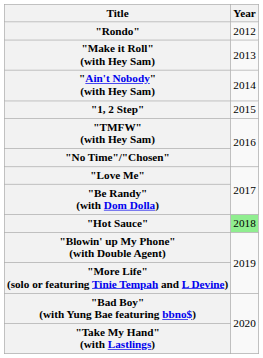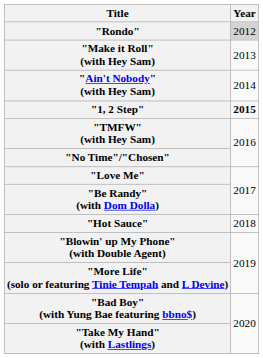 <table class="wikitable plainrowheaders" style="text-align:center;">
 <tr>
 <th>Title</th>
 <th>Year</th>
 </tr>
 <tr>
 <th scope="row">"Rondo"</th>
-<td>2012</td>
+<td style="background: lightgrey;">2012</td>
 </tr>
 <tr>
 <th scope="row">"Make it Roll"<br> (with Hey Sam)</th>
 <td>2013</td>
 </tr>
 <tr>
 <th scope="row">"<a href='#'>Ain't Nobody</a>"<br> (with Hey Sam)</th>
 <td>2014</td>
 </tr>
 <tr>
 <th scope="row">"1, 2 Step"</th>
-<td>2015</td>
+<td><strong>2015</strong></td>
 </tr>
 <tr>
 <th scope="row">"TMFW" <br> (with Hey Sam)</th>
 <td rowspan="2">2016</td>
 </tr>
 <tr>
 <th scope="row">"No Time"/"Chosen"</th>
 </tr>
 <tr>
 <th scope="row">"Love Me"</th>
 <td rowspan="2">2017</td>
 </tr>
 <tr>
 <th scope="row">"Be Randy" <br> (with <a href='#'>Dom Dolla</a>)</th>
 </tr>
 <tr>
 <th scope="row">"Hot Sauce"</th>
-<td style="background: lightgreen;">2018</td>
+<td>2018</td>
 </tr>
 <tr>
 <th scope="row">"Blowin' up My Phone" <br> (with Double Agent)</th>
 <td rowspan="2">2019</td>
 </tr>
 <tr>
 <th scope="row">"More Life" <br>(solo or featuring <a href='#'>Tinie Tempah</a> and <a href='#'>L Devine</a>)</th>
 </tr>
 <tr>
 <th scope="row">"Bad Boy" <br> (with Yung Bae featuring <a href='#'>bbno$</a>)</th>
 <td rowspan="2">2020</td>
 </tr>
 <tr>
 <th scope="row">"Take My Hand" <br> (with <a href='#'>Lastlings</a>)</th>
 </tr>
 </table>
